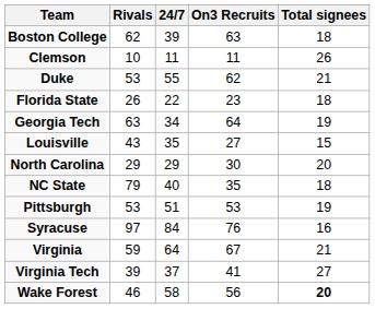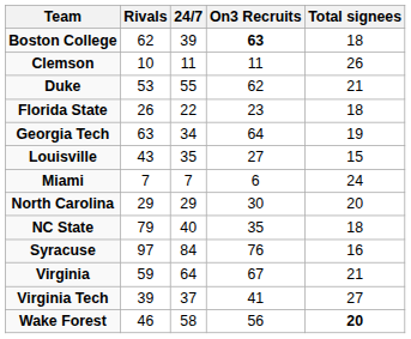 <table class="wikitable sortable" style="text-align:center">
 <tr>
 <th>Team</th>
 <th>Rivals</th>
 <th>24/7</th>
 <th>On3 Recruits</th>
 <th>Total signees</th>
 </tr>
 <tr>
 <td><strong>Boston College</strong></td>
 <td style="text-align:center; background:white">62</td>
 <td style="text-align:center; background:white">39</td>
-<td style="text-align:center; background:white">63</td>
+<td style="text-align:center; background:white"><strong>63</strong></td>
 <td style="text-align:center; background:white">18</td>
 </tr>
 <tr>
 <td><strong>Clemson</strong></td>
 <td style="text-align:center; background:white">10</td>
 <td style="text-align:center; background:white">11</td>
 <td style="text-align:center; background:white">11</td>
 <td style="text-align:center; background:white">26</td>
 </tr>
 <tr>
 <td><strong>Duke</strong></td>
 <td style="text-align:center; background:white">53</td>
 <td style="text-align:center; background:white">55</td>
 <td style="text-align:center; background:white">62</td>
 <td style="text-align:center; background:white">21</td>
 </tr>
 <tr>
 <td><strong>Florida State</strong></td>
 <td style="text-align:center; background:white">26</td>
 <td style="text-align:center; background:white">22</td>
 <td style="text-align:center; background:white">23</td>
 <td style="text-align:center; background:white">18</td>
 </tr>
 <tr>
 <td><strong>Georgia Tech</strong></td>
 <td style="text-align:center; background:white">63</td>
 <td style="text-align:center; background:white">34</td>
 <td style="text-align:center; background:white">64</td>
 <td style="text-align:center; background:white">19</td>
 </tr>
 <tr>
 <td><strong>Louisville</strong></td>
 <td style="text-align:center; background:white">43</td>
 <td style="text-align:center; background:white">35</td>
 <td style="text-align:center; background:white">27</td>
 <td style="text-align:center; background:white">15</td>
 </tr>
 <tr>
+<td><strong>Miami</strong></td>
+<td style="text-align:center; background:white">7</td>
+<td style="text-align:center; background:white">7</td>
+<td style="text-align:center; background:white">6</td>
+<td style="text-align:center; background:white">24</td>
+</tr>
+<tr>
 <td><strong>North Carolina</strong></td>
 <td style="text-align:center; background:white">29</td>
 <td style="text-align:center; background:white">29</td>
 <td style="text-align:center; background:white">30</td>
 <td style="text-align:center; background:white">20</td>
 </tr>
 <tr>
 <td><strong>NC State</strong></td>
 <td style="text-align:center; background:white">79</td>
 <td style="text-align:center; background:white">40</td>
 <td style="text-align:center; background:white">35</td>
 <td style="text-align:center; background:white">18</td>
-</tr>
-<tr>
-<td><strong>Pittsburgh</strong></td>
-<td style="text-align:center; background:white">53</td>
-<td style="text-align:center; background:white">51</td>
-<td style="text-align:center; background:white">53</td>
-<td style="text-align:center; background:white">19</td>
 </tr>
 <tr>
 <td><strong>Syracuse</strong></td>
 <td style="text-align:center; background:white">97</td>
 <td style="text-align:center; background:white">84</td>
 <td style="text-align:center; background:white">76</td>
 <td style="text-align:center; background:white">16</td>
 </tr>
 <tr>
 <td><strong>Virginia</strong></td>
 <td style="text-align:center; background:white">59</td>
 <td style="text-align:center; background:white">64</td>
 <td style="text-align:center; background:white">67</td>
 <td style="text-align:center; background:white">21</td>
 </tr>
 <tr>
 <td><strong>Virginia Tech</strong></td>
 <td style="text-align:center; background:white">39</td>
 <td style="text-align:center; background:white">37</td>
 <td style="text-align:center; background:white">41</td>
 <td style="text-align:center; background:white">27</td>
 </tr>
 <tr>
 <td><strong>Wake Forest</strong></td>
 <td style="text-align:center; background:white">46</td>
 <td style="text-align:center; background:white">58</td>
 <td style="text-align:center; background:white">56</td>
 <td style="text-align:center; background:white"><strong>20</strong></td>
 </tr>
 </table>
